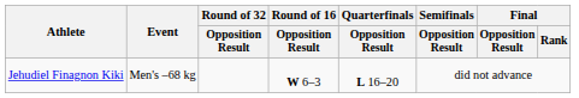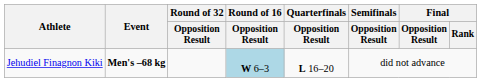 <table class="wikitable" style="text-align:left; font-size:90%">
 <tr>
 <th rowspan="2">Athlete</th>
 <th rowspan="2">Event</th>
 <th>Round of 32</th>
 <th>Round of 16</th>
 <th>Quarterfinals</th>
 <th>Semifinals</th>
 <th colspan=2>Final</th>
 </tr>
 <tr style="font-size: 95%">
 <th>Opposition<br>Result</th>
 <th>Opposition<br>Result</th>
 <th>Opposition<br>Result</th>
 <th>Opposition<br>Result</th>
 <th>Opposition<br>Result</th>
 <th>Rank</th>
 </tr>
 <tr align=center>
 <td align=left><a href='#'>Jehudiel Finagnon Kiki</a></td>
-<td align=left>Men's –68 kg</td>
+<td align=left><strong>Men's –68 kg</strong></td>
 <td></td>
-<td><br><strong>W</strong> 6–3</td>
+<td style="background: lightblue;"><br><strong>W</strong> 6–3</td>
 <td><br><strong>L</strong> 16–20</td>
 <td colspan=3>did not advance</td>
 </tr>
 </table>
